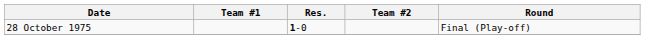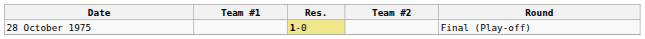 <table class="wikitable" style="text-align: left;" width="100%">
 <tr>
 <th>Date</th>
 <th>Team #1</th>
 <th>Res.</th>
 <th>Team #2</th>
 <th>Round</th>
 </tr>
 <tr>
 <td>28 October 1975</td>
 <td><strong></strong></td>
-<td><strong>1</strong>-0</td>
+<td style="background: khaki;"><strong>1</strong>-0</td>
 <td></td>
 <td>Final (Play-off)</td>
 </tr>
 <tr>
 </tr>
 </table>
